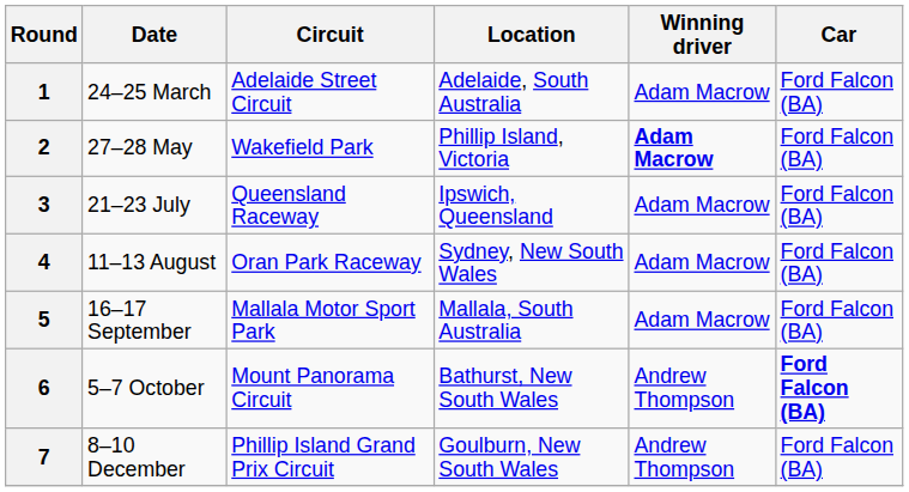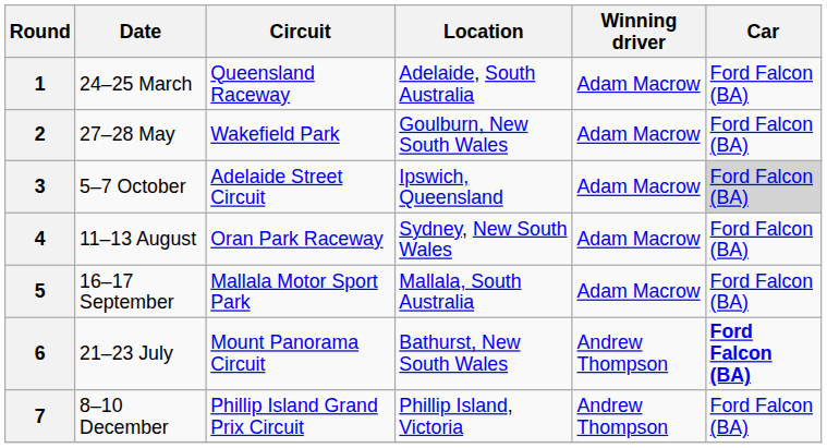 <table class="wikitable" style="font-size: 90%;">
 <tr>
 <th>Round</th>
 <th>Date</th>
 <th>Circuit</th>
 <th>Location</th>
 <th>Winning driver</th>
 <th>Car</th>
 </tr>
 <tr>
 <th>1</th>
 <td>24–25 March</td>
-<td> <a href='#'>Adelaide Street Circuit</a></td>
+<td> <a href='#'>Queensland Raceway</a></td>
 <td><a href='#'>Adelaide</a>, <a href='#'>South Australia</a></td>
 <td><a href='#'>Adam Macrow</a></td>
 <td><a href='#'>Ford Falcon (BA)</a></td>
 </tr>
 <tr>
 <th>2</th>
 <td>27–28 May</td>
 <td> <a href='#'>Wakefield Park</a></td>
-<td><a href='#'>Phillip Island</a>, <a href='#'>Victoria</a></td>
-<td><strong><a href='#'>Adam Macrow</a></strong></td>
+<td><a href='#'>Goulburn, New South Wales</a></td>
+<td><a href='#'>Adam Macrow</a></td>
 <td><a href='#'>Ford Falcon (BA)</a></td>
 </tr>
 <tr>
 <th>3</th>
-<td>21–23 July</td>
-<td> <a href='#'>Queensland Raceway</a></td>
+<td>5–7 October</td>
+<td> <a href='#'>Adelaide Street Circuit</a></td>
 <td><a href='#'>Ipswich, Queensland</a></td>
 <td><a href='#'>Adam Macrow</a></td>
-<td><a href='#'>Ford Falcon (BA)</a></td>
+<td style="background: lightgrey;"><a href='#'>Ford Falcon (BA)</a></td>
 </tr>
 <tr>
 <th>4</th>
 <td>11–13 August</td>
 <td> <a href='#'>Oran Park Raceway</a></td>
 <td><a href='#'>Sydney</a>, <a href='#'>New South Wales</a></td>
 <td><a href='#'>Adam Macrow</a></td>
 <td><a href='#'>Ford Falcon (BA)</a></td>
 </tr>
 <tr>
 <th>5</th>
 <td>16–17 September</td>
 <td> <a href='#'>Mallala Motor Sport Park</a></td>
 <td><a href='#'>Mallala, South Australia</a></td>
 <td><a href='#'>Adam Macrow</a></td>
 <td><a href='#'>Ford Falcon (BA)</a></td>
 </tr>
 <tr>
 <th>6</th>
-<td>5–7 October</td>
+<td>21–23 July</td>
 <td> <a href='#'>Mount Panorama Circuit</a></td>
 <td><a href='#'>Bathurst, New South Wales</a></td>
 <td><a href='#'>Andrew Thompson</a></td>
 <td><strong><a href='#'>Ford Falcon (BA)</a></strong></td>
 </tr>
 <tr>
 <th>7</th>
 <td>8–10 December</td>
 <td> <a href='#'>Phillip Island Grand Prix Circuit</a></td>
-<td><a href='#'>Goulburn, New South Wales</a></td>
+<td><a href='#'>Phillip Island</a>, <a href='#'>Victoria</a></td>
 <td><a href='#'>Andrew Thompson</a></td>
 <td><a href='#'>Ford Falcon (BA)</a></td>
 </tr>
 <tr>
 </tr>
 </table>
